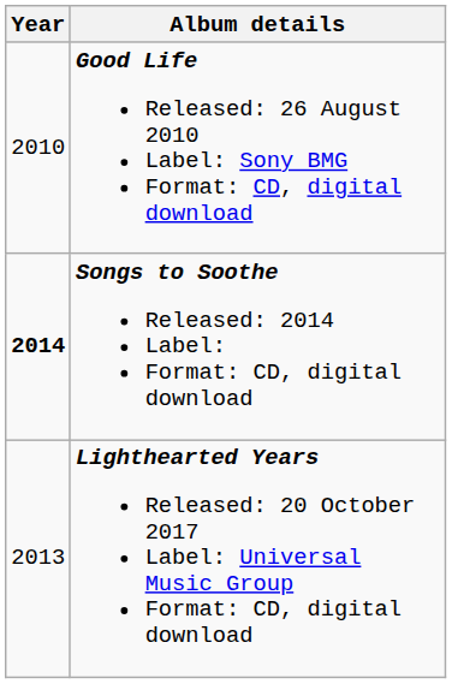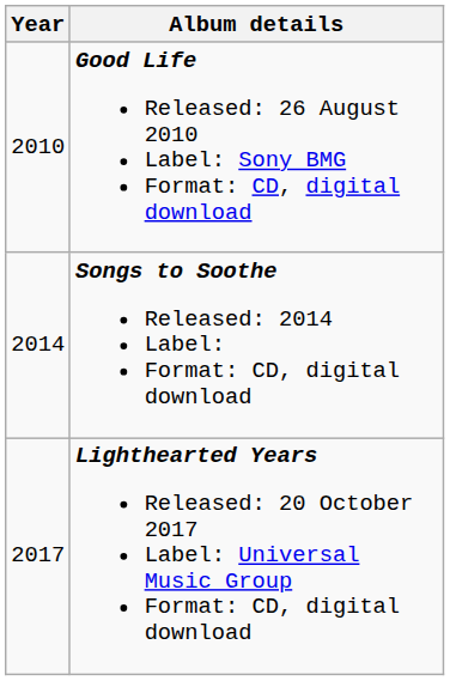 <table class="wikitable" style="text-align:center;">
 <tr>
 <th>Year</th>
 <th width="210">Album details</th>
 </tr>
 <tr>
 <td style="text-align:center;">2010</td>
 <td align="left"><strong><em>Good Life</em></strong><br><ul><li>Released: 26 August 2010</li><li>Label: <a href='#'>Sony BMG</a></li><li>Format: <a href='#'>CD</a>, <a href='#'>digital download</a></li></ul></td>
 </tr>
 <tr>
-<td style="text-align:center;"><strong>2014</strong></td>
+<td style="text-align:center;">2014</td>
 <td align="left"><strong><em>Songs to Soothe</em></strong><br><ul><li>Released: 2014</li><li>Label:</li><li>Format: CD, digital download</li></ul></td>
 </tr>
 <tr>
-<td style="text-align:center;">2013</td>
+<td style="text-align:center;">2017</td>
 <td align="left"><strong><em>Lighthearted Years</em></strong><br><ul><li>Released: 20 October 2017</li><li>Label: <a href='#'>Universal Music Group</a></li><li>Format: CD, digital download</li></ul></td>
 </tr>
 </table>
